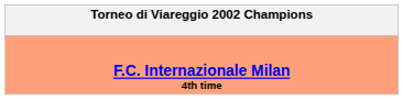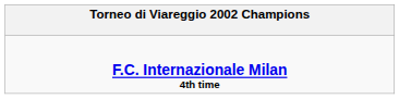 <table class="wikitable" style="margin: 0 auto; width: 30%;">
 <tr>
 <th><big>Torneo di Viareggio 2002 Champions</big><br><br></th>
 </tr>
 <tr>
-<td align=center style="background: lightsalmon;"><br><br><big><big><strong><a href='#'>F.C. Internazionale Milan</a></strong><br></big></big><strong>4th time</strong></td>
+<td align=center><br><br><big><big><strong><a href='#'>F.C. Internazionale Milan</a></strong><br></big></big><strong>4th time</strong></td>
 </tr>
 </table>
